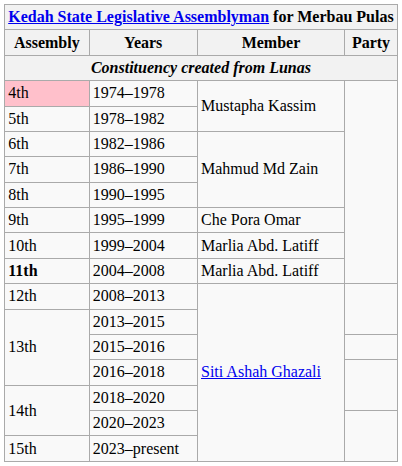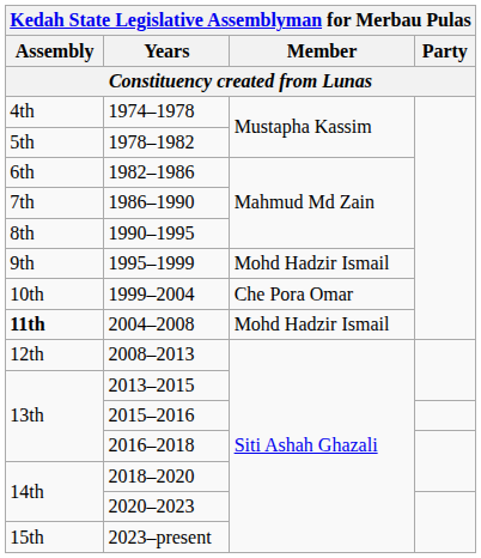 <table class="wikitable">
 <tr>
 <th colspan="4"><a href='#'>Kedah State Legislative Assemblyman</a> for Merbau Pulas</th>
 </tr>
 <tr>
 <th>Assembly</th>
 <th>Years</th>
 <th>Member</th>
 <th>Party</th>
 </tr>
 <tr>
 <th colspan="4" align="center"><em>Constituency created from Lunas</em></th>
 </tr>
 <tr>
-<td style="background: pink;">4th</td>
+<td>4th</td>
 <td>1974–1978</td>
 <td rowspan="2">Mustapha Kassim</td>
 <td rowspan="8"></td>
 </tr>
 <tr>
 <td>5th</td>
 <td>1978–1982</td>
 </tr>
 <tr>
 <td>6th</td>
 <td>1982–1986</td>
 <td rowspan="3">Mahmud Md Zain</td>
 </tr>
 <tr>
 <td>7th</td>
 <td>1986–1990</td>
 </tr>
 <tr>
 <td>8th</td>
 <td>1990–1995</td>
 </tr>
 <tr>
 <td>9th</td>
 <td>1995–1999</td>
-<td>Che Pora Omar</td>
+<td>Mohd Hadzir Ismail</td>
 </tr>
 <tr>
 <td>10th</td>
 <td>1999–2004</td>
-<td>Marlia Abd. Latiff</td>
+<td>Che Pora Omar</td>
 </tr>
 <tr>
 <td><strong>11th</strong></td>
 <td>2004–2008</td>
-<td>Marlia Abd. Latiff</td>
+<td>Mohd Hadzir Ismail</td>
 </tr>
 <tr>
 <td>12th</td>
 <td>2008–2013</td>
 <td rowspan=7><a href='#'>Siti Ashah Ghazali</a></td>
 <td rowspan="2"></td>
 </tr>
 <tr>
 <td rowspan=3>13th</td>
 <td>2013–2015</td>
 </tr>
 <tr>
 <td>2015–2016</td>
 <td></td>
 </tr>
 <tr>
 <td>2016–2018</td>
 <td rowspan=2></td>
 </tr>
 <tr>
 <td rowspan=2>14th</td>
 <td>2018–2020</td>
 </tr>
 <tr>
 <td>2020–2023</td>
 <td rowspan=2></td>
 </tr>
 <tr>
 <td>15th</td>
 <td>2023–present</td>
 </tr>
 </table>
